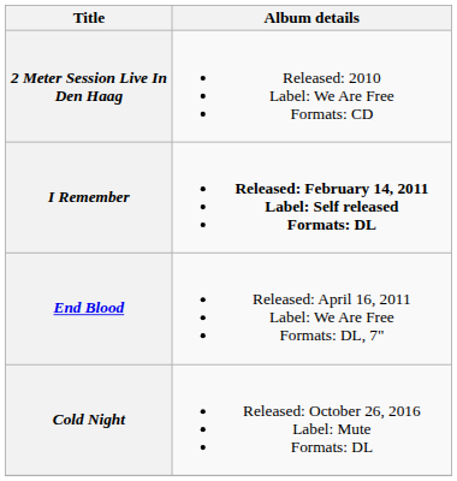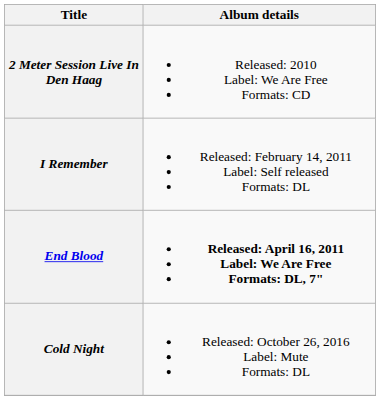 <table class="wikitable plainrowheaders" style="text-align:center;">
 <tr>
 <th scope="col" colwspan="2" style="width:10em;">Title</th>
 <th scope="col" colspan="2" style="width:17em;">Album details</th>
 </tr>
 <tr>
 <th scope="row"><em>2 Meter Session Live In Den Haag</em></th>
 <td><br><ul><li>Released: 2010</li><li>Label: We Are Free</li><li>Formats: CD</li></ul></td>
 </tr>
 <tr>
 <th scope="row"><em>I Remember</em></th>
-<td><strong><br><ul><li>Released: February 14, 2011</li><li>Label: Self released</li><li>Formats: DL</li></ul></strong></td>
+<td><br><ul><li>Released: February 14, 2011</li><li>Label: Self released</li><li>Formats: DL</li></ul></td>
 </tr>
 <tr>
 <th scope="row"><em><a href='#'>End Blood</a></em></th>
-<td><br><ul><li>Released: April 16, 2011</li><li>Label: We Are Free</li><li>Formats: DL, 7"</li></ul></td>
+<td><strong><br><ul><li>Released: April 16, 2011</li><li>Label: We Are Free</li><li>Formats: DL, 7"</li></ul></strong></td>
 </tr>
 <tr>
 <th scope="row"><em>Cold Night</em></th>
 <td><br><ul><li>Released: October 26, 2016</li><li>Label: Mute</li><li>Formats: DL</li></ul></td>
 </tr>
 <tr>
 </tr>
 </table>
